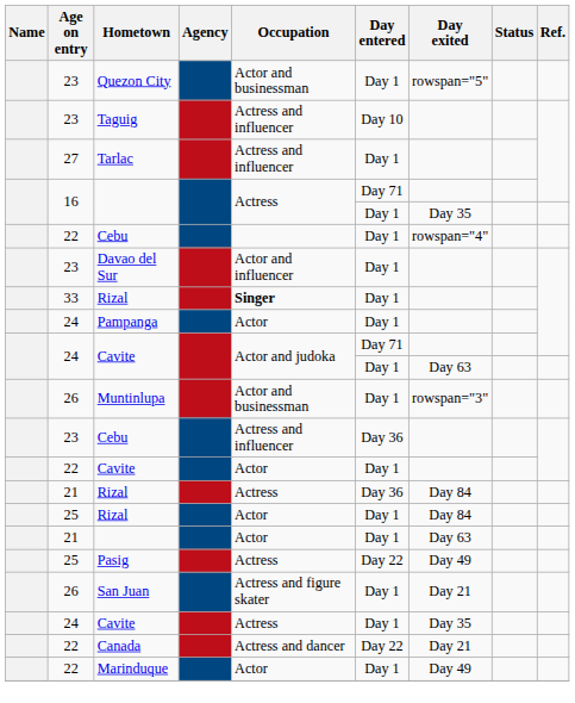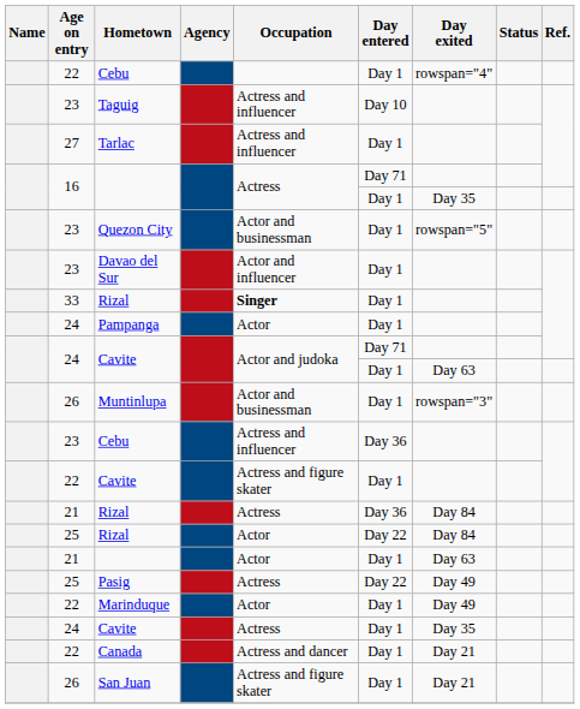 <table class="wikitable sortable" style="margin:1em auto; font-size:100%; line-height:18px; text-align:center">
 <tr>
 <th>Name</th>
 <th>Age on<br>entry</th>
 <th>Hometown</th>
 <th>Agency</th>
 <th>Occupation</th>
 <th>Day<br>entered</th>
 <th>Day<br>exited</th>
 <th>Status</th>
 <th>Ref.</th>
 </tr>
 <tr>
 <th></th>
-<td>23</td>
-<td align=left><a href='#'>Quezon City</a></td>
+<td>22</td>
+<td align=left><a href='#'>Cebu</a></td>
 <td style=background:#004680></td>
-<td align=left>Actor and businessman</td>
+<td align=left></td>
 <td>Day 1</td>
-<td>rowspan="5" </td>
+<td>rowspan="4" </td>
 <td></td>
 <td></td>
 </tr>
 <tr>
 <th></th>
 <td>23</td>
 <td align=left><a href='#'>Taguig</a></td>
 <td style=background:#BD0E1A></td>
 <td align=left>Actress and influencer</td>
 <td>Day 10</td>
 <td></td>
 <td></td>
 </tr>
 <tr>
 <th></th>
 <td>27</td>
 <td align=left><a href='#'>Tarlac</a></td>
 <td style=background:#BD0E1A></td>
 <td align=left>Actress and influencer</td>
 <td>Day 1</td>
 <td></td>
 <td></td>
 </tr>
 <tr>
 <th rowspan="2"></th>
 <td rowspan="2">16</td>
 <td rowspan="2" align=left></td>
 <td rowspan="2"  style=background:#004680></td>
 <td rowspan="2" align=left>Actress</td>
 <td>Day 71</td>
 <td></td>
 <td></td>
 </tr>
 <tr>
 <td>Day 1</td>
 <td>Day 35</td>
 <td></td>
 <td></td>
 </tr>
 <tr>
 <th></th>
-<td>22</td>
-<td align=left><a href='#'>Cebu</a></td>
+<td>23</td>
+<td align=left><a href='#'>Quezon City</a></td>
 <td style=background:#004680></td>
-<td align=left></td>
+<td align=left>Actor and businessman</td>
 <td>Day 1</td>
-<td>rowspan="4" </td>
+<td>rowspan="5" </td>
 <td></td>
 <td></td>
 </tr>
 <tr>
 <th></th>
 <td>23</td>
 <td align=left><a href='#'>Davao del Sur</a></td>
 <td style=background:#BD0E1A></td>
 <td align=left>Actor and influencer</td>
 <td>Day 1</td>
 <td></td>
 <td></td>
 </tr>
 <tr>
 <th></th>
 <td>33</td>
 <td align=left><a href='#'>Rizal</a></td>
 <td style=background:#BD0E1A></td>
 <td align=left><strong>Singer</strong></td>
 <td>Day 1</td>
 <td></td>
 <td></td>
 </tr>
 <tr>
 <th></th>
 <td>24</td>
 <td align=left><a href='#'>Pampanga</a></td>
 <td style=background:#004680></td>
 <td align=left>Actor</td>
 <td>Day 1</td>
 <td></td>
 <td></td>
 </tr>
 <tr>
 <th rowspan="2"></th>
 <td rowspan="2">24</td>
 <td rowspan="2" align=left><a href='#'>Cavite</a></td>
 <td rowspan="2" style=background:#BD0E1A></td>
 <td rowspan="2" align=left>Actor and judoka</td>
 <td>Day 71</td>
 <td></td>
 <td></td>
 </tr>
 <tr>
 <td>Day 1</td>
 <td>Day 63</td>
 <td></td>
 <td></td>
 </tr>
 <tr>
 <th></th>
 <td>26</td>
 <td align=left><a href='#'>Muntinlupa</a></td>
 <td style=background:#BD0E1A></td>
 <td align=left>Actor and businessman</td>
 <td>Day 1</td>
 <td>rowspan="3" </td>
 <td></td>
 <td></td>
 </tr>
 <tr>
 <th></th>
 <td>23</td>
 <td align=left><a href='#'>Cebu</a></td>
 <td style=background:#004680></td>
 <td align=left>Actress and influencer</td>
 <td>Day 36</td>
 <td></td>
 <td></td>
 </tr>
 <tr>
 <th></th>
 <td>22</td>
 <td align=left><a href='#'>Cavite</a></td>
 <td style=background:#004680></td>
-<td align=left>Actor</td>
+<td align=left>Actress and figure skater</td>
 <td>Day 1</td>
 <td></td>
 <td></td>
 </tr>
 <tr>
 <th></th>
 <td>21</td>
 <td align=left><a href='#'>Rizal</a></td>
 <td style=background:#BD0E1A></td>
 <td align=left>Actress</td>
 <td>Day 36</td>
 <td>Day 84</td>
 <td></td>
 <td></td>
 </tr>
 <tr>
 <th></th>
 <td>25</td>
 <td align=left><a href='#'>Rizal</a></td>
 <td style=background:#004680></td>
 <td align=left>Actor</td>
-<td>Day 1</td>
+<td>Day 22</td>
 <td>Day 84</td>
 <td></td>
 <td></td>
 </tr>
 <tr>
 <th></th>
 <td>21</td>
 <td align=left></td>
 <td style=background:#004680></td>
 <td align=left>Actor</td>
 <td>Day 1</td>
 <td>Day 63</td>
 <td></td>
 <td></td>
 </tr>
 <tr>
 <th></th>
 <td>25</td>
 <td align=left><a href='#'>Pasig</a></td>
 <td style=background:#BD0E1A></td>
 <td align=left>Actress</td>
 <td>Day 22</td>
 <td>Day 49</td>
 <td></td>
 <td></td>
 </tr>
 <tr>
 <th></th>
-<td>26</td>
-<td align=left><a href='#'>San Juan</a></td>
+<td>22</td>
+<td align=left><a href='#'>Marinduque</a></td>
 <td style=background:#004680></td>
-<td align=left>Actress and figure skater</td>
+<td align=left>Actor</td>
 <td>Day 1</td>
-<td>Day 21</td>
+<td>Day 49</td>
 <td></td>
 <td></td>
 </tr>
 <tr>
 <th></th>
 <td>24</td>
 <td align=left><a href='#'>Cavite</a></td>
 <td style=background:#BD0E1A></td>
 <td align="left">Actress</td>
 <td>Day 1</td>
 <td>Day 35</td>
 <td></td>
 <td></td>
 </tr>
 <tr>
 <th></th>
 <td>22</td>
 <td align=left><a href='#'>Canada</a></td>
 <td style=background:#BD0E1A></td>
 <td align=left>Actress and dancer</td>
-<td>Day 22</td>
+<td>Day 1</td>
 <td>Day 21</td>
 <td></td>
 <td></td>
 </tr>
 <tr>
 <th></th>
-<td>22</td>
-<td align=left><a href='#'>Marinduque</a></td>
+<td>26</td>
+<td align=left><a href='#'>San Juan</a></td>
 <td style=background:#004680></td>
-<td align=left>Actor</td>
+<td align=left>Actress and figure skater</td>
 <td>Day 1</td>
-<td>Day 49</td>
+<td>Day 21</td>
 <td></td>
 <td></td>
 </tr>
 <tr>
 </tr>
 </table>
